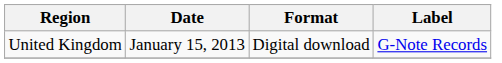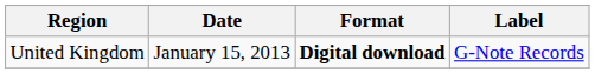 <table class=wikitable>
 <tr>
 <th>Region</th>
 <th>Date</th>
 <th>Format</th>
 <th>Label</th>
 </tr>
 <tr>
 <td>United Kingdom</td>
 <td>January 15, 2013</td>
-<td>Digital download</td>
+<td><strong>Digital download</strong></td>
 <td><a href='#'>G-Note Records</a></td>
 </tr>
 <tr>
 </tr>
 </table>
